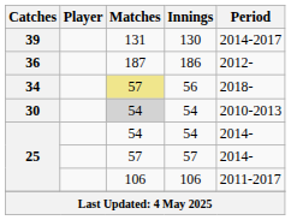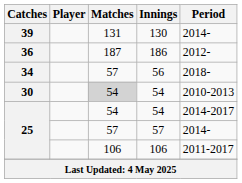 <table class="wikitable sortable" style="text-align:left;font-size:96%;">
 <tr>
 <th>Catches</th>
 <th>Player</th>
 <th>Matches</th>
 <th>Innings</th>
 <th>Period</th>
 </tr>
 <tr>
 <th scope=row style=text-align:center;>39</th>
 <td></td>
 <td align=center>131</td>
 <td align=center>130</td>
-<td>2014-2017</td>
+<td>2014-</td>
 </tr>
 <tr>
 <th scope=row style=text-align:center;>36</th>
 <td></td>
 <td align=center>187</td>
 <td align=center>186</td>
 <td>2012-</td>
 </tr>
 <tr>
 <th scope=row style=text-align:center;>34</th>
 <td></td>
-<td align=center style="background: khaki;">57</td>
+<td align=center>57</td>
 <td align=center>56</td>
 <td>2018-</td>
 </tr>
 <tr>
 <th scope=row style=text-align:center;>30</th>
 <td></td>
 <td align=center style="background: lightgrey;">54</td>
 <td align=center>54</td>
 <td>2010-2013</td>
 </tr>
 <tr>
 <th scope=row style=text-align:center; rowspan=3>25</th>
 <td></td>
 <td align=center>54</td>
 <td align=center>54</td>
-<td>2014-</td>
+<td>2014-2017</td>
 </tr>
 <tr>
 <td></td>
 <td align=center>57</td>
 <td align=center>57</td>
 <td>2014-</td>
 </tr>
 <tr>
 <td></td>
 <td align=center>106</td>
 <td align=center>106</td>
 <td>2011-2017</td>
 </tr>
 <tr>
 </tr>
 <tr class=sortbottom>
 <th colspan=6><small>Last Updated: 4 May 2025</small></th>
 </tr>
 </table>
